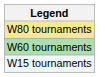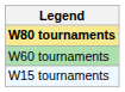 <table class="wikitable" style="font-size:85%">
 <tr>
 <th>Legend</th>
 </tr>
 <tr style="background:#f7e98e;">
-<td>W80 tournaments</td>
+<td><strong>W80 tournaments</strong></td>
 </tr>
 <tr style="background:#addfad;">
 <td>W60 tournaments</td>
 </tr>
 <tr style="background:#f0f8ff;">
 <td>W15 tournaments</td>
 </tr>
 </table>
